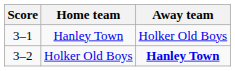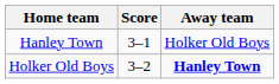 <table class="wikitable" style="text-align: center">
 <tr>
+<th>Home team</th>
 <th>Score</th>
-<th>Home team</th>
 <th>Away team</th>
 </tr>
 <tr>
+<td><a href='#'>Hanley Town</a></td>
 <td>3–1</td>
-<td><a href='#'>Hanley Town</a></td>
 <td><a href='#'>Holker Old Boys</a></td>
 </tr>
 <tr>
+<td><a href='#'>Holker Old Boys</a></td>
 <td>3–2</td>
-<td><a href='#'>Holker Old Boys</a></td>
 <td><strong><a href='#'>Hanley Town</a></strong></td>
 </tr>
 </table>
